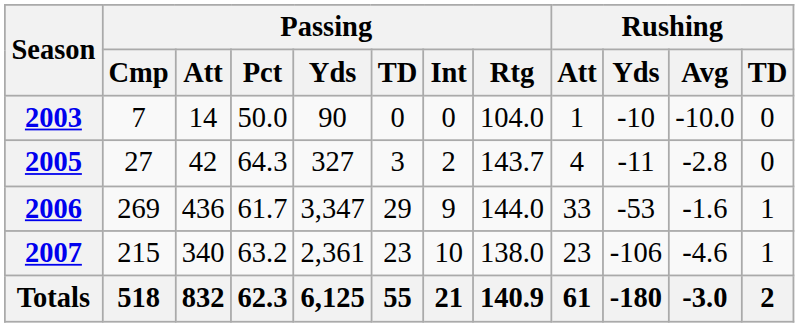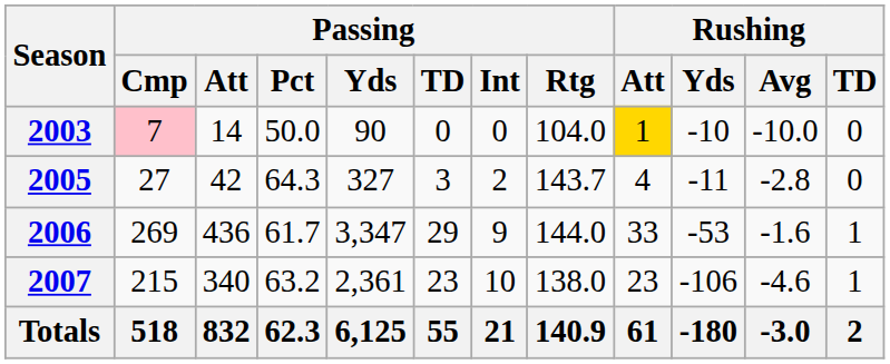 <table class="wikitable" style="text-align: center;">
 <tr>
 <th rowspan="2">Season</th>
 <th colspan="7">Passing</th>
 <th colspan="4">Rushing</th>
 </tr>
 <tr>
 <th>Cmp</th>
 <th>Att</th>
 <th>Pct</th>
 <th>Yds</th>
 <th>TD</th>
 <th>Int</th>
 <th>Rtg</th>
 <th>Att</th>
 <th>Yds</th>
 <th>Avg</th>
 <th>TD</th>
 </tr>
 <tr>
 <th><a href='#'>2003</a></th>
-<td>7</td>
+<td style="background: pink;">7</td>
 <td>14</td>
 <td>50.0</td>
 <td>90</td>
 <td>0</td>
 <td>0</td>
 <td>104.0</td>
-<td>1</td>
+<td style="background: gold;">1</td>
 <td>-10</td>
 <td>-10.0</td>
 <td>0</td>
 </tr>
 <tr>
 <th><a href='#'>2005</a></th>
 <td>27</td>
 <td>42</td>
 <td>64.3</td>
 <td>327</td>
 <td>3</td>
 <td>2</td>
 <td>143.7</td>
 <td>4</td>
 <td>-11</td>
 <td>-2.8</td>
 <td>0</td>
 </tr>
 <tr>
 <th><a href='#'>2006</a></th>
 <td>269</td>
 <td>436</td>
 <td>61.7</td>
 <td>3,347</td>
 <td>29</td>
 <td>9</td>
 <td>144.0</td>
 <td>33</td>
 <td>-53</td>
 <td>-1.6</td>
 <td>1</td>
 </tr>
 <tr>
 <th><a href='#'>2007</a></th>
 <td>215</td>
 <td>340</td>
 <td>63.2</td>
 <td>2,361</td>
 <td>23</td>
 <td>10</td>
 <td>138.0</td>
 <td>23</td>
 <td>-106</td>
 <td>-4.6</td>
 <td>1</td>
 </tr>
 <tr>
 <th>Totals</th>
 <th>518</th>
 <th>832</th>
 <th>62.3</th>
 <th>6,125</th>
 <th>55</th>
 <th>21</th>
 <th>140.9</th>
 <th>61</th>
 <th>-180</th>
 <th>-3.0</th>
 <th>2</th>
 </tr>
 </table>
